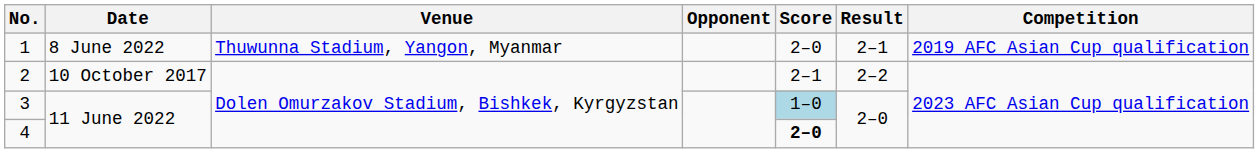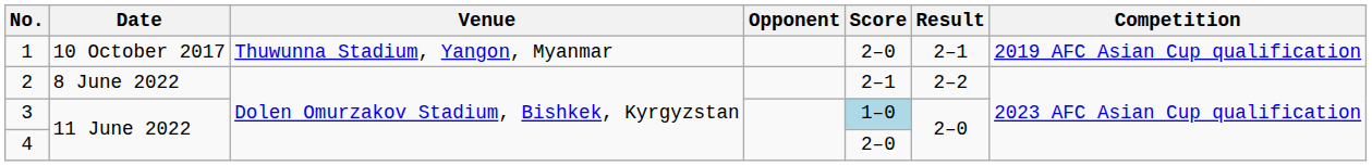 <table class="wikitable sortable">
 <tr>
 <th scope="col">No.</th>
 <th scope="col">Date</th>
 <th scope="col">Venue</th>
 <th scope="col">Opponent</th>
 <th scope="col">Score</th>
 <th scope="col">Result</th>
 <th scope="col">Competition</th>
 </tr>
 <tr>
 <td align="center">1</td>
-<td>8 June 2022</td>
+<td>10 October 2017</td>
 <td><a href='#'>Thuwunna Stadium</a>, <a href='#'>Yangon</a>, Myanmar</td>
 <td></td>
 <td align="center">2–0</td>
 <td align="center">2–1</td>
 <td><a href='#'>2019 AFC Asian Cup qualification</a></td>
 </tr>
 <tr>
 <td align="center">2</td>
-<td>10 October 2017</td>
+<td>8 June 2022</td>
 <td rowspan="3"><a href='#'>Dolen Omurzakov Stadium</a>, <a href='#'>Bishkek</a>, Kyrgyzstan</td>
 <td></td>
 <td align="center">2–1</td>
 <td align="center">2–2</td>
 <td rowspan="3"><a href='#'>2023 AFC Asian Cup qualification</a></td>
 </tr>
 <tr>
 <td align="center">3</td>
 <td rowspan="2">11 June 2022</td>
 <td rowspan="2"></td>
 <td align="center" style="background: lightblue;">1–0</td>
 <td rowspan="2" align="center">2–0</td>
 </tr>
 <tr>
 <td align="center">4</td>
-<td align="center"><strong>2–0</strong></td>
+<td align="center">2–0</td>
 </tr>
 </table>
